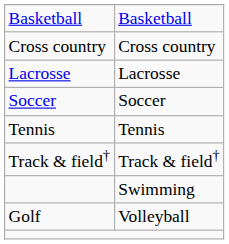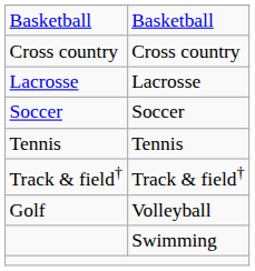 <table class="wikitable" style=" ">
 <tr>
 </tr>
 <tr>
 <td><a href='#'>Basketball</a></td>
 <td><a href='#'>Basketball</a></td>
 </tr>
 <tr>
 <td>Cross country</td>
 <td>Cross country</td>
 </tr>
 <tr>
 <td><a href='#'>Lacrosse</a></td>
 <td>Lacrosse</td>
 </tr>
 <tr>
 <td><a href='#'>Soccer</a></td>
 <td>Soccer</td>
 </tr>
 <tr>
 <td>Tennis</td>
 <td>Tennis</td>
 </tr>
 <tr>
 <td>Track & field<sup>†</sup></td>
 <td>Track & field<sup>†</sup></td>
 </tr>
 <tr>
+<td>Golf</td>
+<td>Volleyball</td>
+</tr>
+<tr>
 <td></td>
 <td>Swimming</td>
-</tr>
-<tr>
-<td>Golf</td>
-<td>Volleyball</td>
 </tr>
 <tr>
 <td colspan="2"></td>
 </tr>
 </table>
